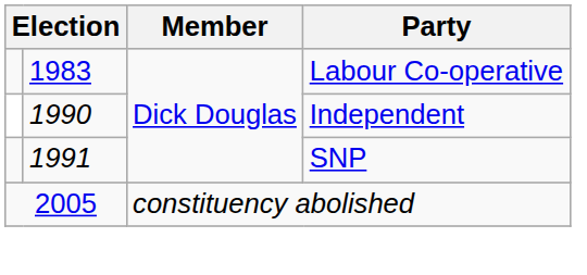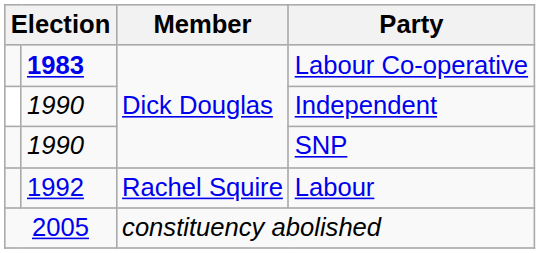 <table class="wikitable">
 <tr>
 <th colspan="2">Election</th>
 <th>Member</th>
 <th>Party</th>
 </tr>
 <tr>
 <td style="color:inherit;background-color: "></td>
-<td><a href='#'>1983</a></td>
+<td><strong><a href='#'>1983</a></strong></td>
 <td rowspan="3"><a href='#'>Dick Douglas</a></td>
 <td><a href='#'>Labour Co-operative</a></td>
 </tr>
 <tr>
 <td style="color:inherit;background-color: white"></td>
 <td><em>1990</em></td>
 <td><a href='#'>Independent</a></td>
 </tr>
 <tr>
 <td style="color:inherit;background-color: "></td>
-<td><em>1991</em></td>
+<td><em>1990</em></td>
 <td><a href='#'>SNP</a></td>
+</tr>
+<tr>
+<td style="color:inherit;background-color: "></td>
+<td><a href='#'>1992</a></td>
+<td><a href='#'>Rachel Squire</a></td>
+<td><a href='#'>Labour</a></td>
 </tr>
 <tr>
 <td colspan="2" align="center"><a href='#'>2005</a></td>
 <td colspan="2"><em>constituency abolished</em></td>
 </tr>
 </table>
